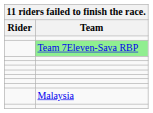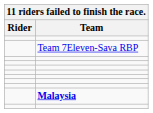 <table class="collapsible collapsed wikitable">
 <tr>
 <th colspan=4>11 riders failed to finish the race.</th>
 </tr>
 <tr>
 <th>Rider</th>
 <th>Team</th>
 </tr>
 <tr>
 <td></td>
 <td></td>
 </tr>
 <tr>
 <td></td>
-<td style="background: lightgreen;"><a href='#'>Team 7Eleven-Sava RBP</a></td>
+<td><a href='#'>Team 7Eleven-Sava RBP</a></td>
 </tr>
 <tr>
 <td></td>
 <td></td>
 </tr>
 <tr>
 <td></td>
 <td></td>
 </tr>
 <tr>
 <td></td>
 <td></td>
 </tr>
 <tr>
 <td></td>
 <td></td>
 </tr>
 <tr>
 <td></td>
 <td></td>
 </tr>
 <tr>
 <td></td>
 <td></td>
 </tr>
 <tr>
 <td></td>
 <td></td>
 </tr>
 <tr>
 <td></td>
-<td><a href='#'>Malaysia</a></td>
+<td><strong><a href='#'>Malaysia</a></strong></td>
 </tr>
 <tr>
 <td></td>
 <td></td>
 </tr>
 </table>
